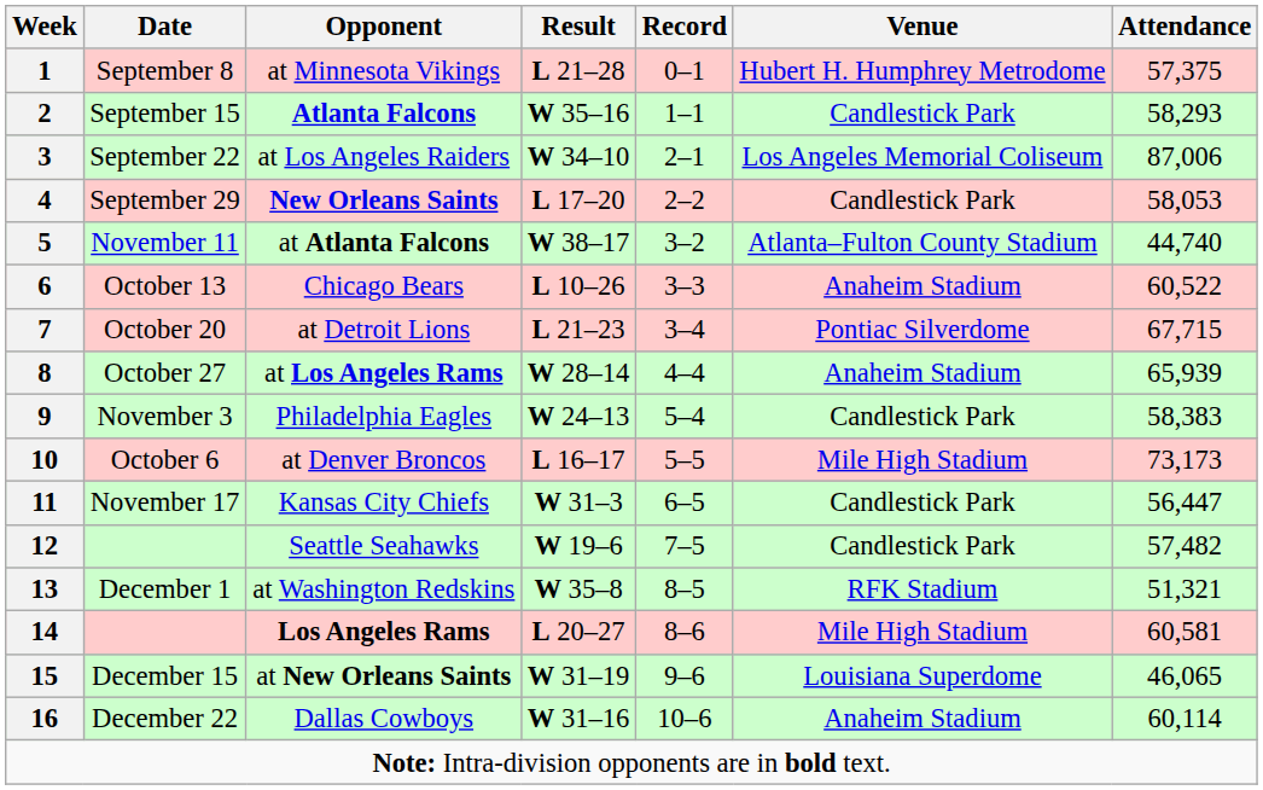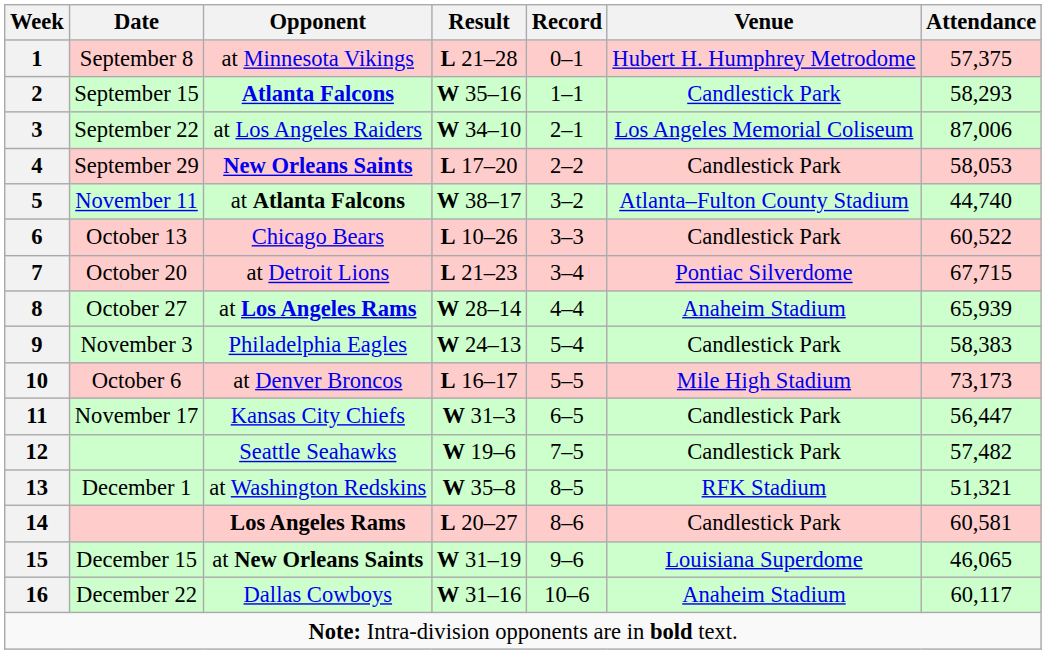 <table class="wikitable" style="text-align:center">
 <tr>
 <th>Week</th>
 <th>Date</th>
 <th>Opponent</th>
 <th>Result</th>
 <th>Record</th>
 <th>Venue</th>
 <th>Attendance</th>
 </tr>
 <tr style="background:#fcc">
 <th>1</th>
 <td>September 8</td>
 <td>at <a href='#'>Minnesota Vikings</a></td>
 <td><strong>L</strong> 21–28</td>
 <td>0–1</td>
 <td><a href='#'>Hubert H. Humphrey Metrodome</a></td>
 <td>57,375</td>
 </tr>
 <tr style="background:#cfc">
 <th>2</th>
 <td>September 15</td>
 <td><strong><a href='#'>Atlanta Falcons</a></strong></td>
 <td><strong>W</strong> 35–16</td>
 <td>1–1</td>
 <td><a href='#'>Candlestick Park</a></td>
 <td>58,293</td>
 </tr>
 <tr style="background:#cfc">
 <th>3</th>
 <td>September 22</td>
 <td>at <a href='#'>Los Angeles Raiders</a></td>
 <td><strong>W</strong> 34–10</td>
 <td>2–1</td>
 <td><a href='#'>Los Angeles Memorial Coliseum</a></td>
 <td>87,006</td>
 </tr>
 <tr style="background:#fcc">
 <th>4</th>
 <td>September 29</td>
 <td><strong><a href='#'>New Orleans Saints</a></strong></td>
 <td><strong>L</strong> 17–20</td>
 <td>2–2</td>
 <td>Candlestick Park</td>
 <td>58,053</td>
 </tr>
 <tr style="background:#cfc">
 <th>5</th>
 <td><a href='#'>November 11</a></td>
 <td>at <strong>Atlanta Falcons</strong></td>
 <td><strong>W</strong> 38–17</td>
 <td>3–2</td>
 <td><a href='#'>Atlanta–Fulton County Stadium</a></td>
 <td>44,740</td>
 </tr>
 <tr style="background:#fcc">
 <th>6</th>
 <td>October 13</td>
 <td><a href='#'>Chicago Bears</a></td>
 <td><strong>L</strong> 10–26</td>
 <td>3–3</td>
-<td><a href='#'>Anaheim Stadium</a></td>
+<td>Candlestick Park</td>
 <td>60,522</td>
 </tr>
 <tr style="background:#fcc">
 <th>7</th>
 <td>October 20</td>
 <td>at <a href='#'>Detroit Lions</a></td>
 <td><strong>L</strong> 21–23</td>
 <td>3–4</td>
 <td><a href='#'>Pontiac Silverdome</a></td>
 <td>67,715</td>
 </tr>
 <tr style="background:#cfc">
 <th>8</th>
 <td>October 27</td>
 <td>at <strong><a href='#'>Los Angeles Rams</a></strong></td>
 <td><strong>W</strong> 28–14</td>
 <td>4–4</td>
 <td><a href='#'>Anaheim Stadium</a></td>
 <td>65,939</td>
 </tr>
 <tr style="background:#cfc">
 <th>9</th>
 <td>November 3</td>
 <td><a href='#'>Philadelphia Eagles</a></td>
 <td><strong>W</strong> 24–13</td>
 <td>5–4</td>
 <td>Candlestick Park</td>
 <td>58,383</td>
 </tr>
 <tr style="background:#fcc">
 <th>10</th>
 <td>October 6</td>
 <td>at <a href='#'>Denver Broncos</a></td>
 <td><strong>L</strong> 16–17</td>
 <td>5–5</td>
 <td><a href='#'>Mile High Stadium</a></td>
 <td>73,173</td>
 </tr>
 <tr style="background:#cfc">
 <th>11</th>
 <td>November 17</td>
 <td><a href='#'>Kansas City Chiefs</a></td>
 <td><strong>W</strong> 31–3</td>
 <td>6–5</td>
 <td>Candlestick Park</td>
 <td>56,447</td>
 </tr>
 <tr style="background:#cfc">
 <th>12</th>
 <td></td>
 <td><a href='#'>Seattle Seahawks</a></td>
 <td><strong>W</strong> 19–6</td>
 <td>7–5</td>
 <td>Candlestick Park</td>
 <td>57,482</td>
 </tr>
 <tr style="background:#cfc">
 <th>13</th>
 <td>December 1</td>
 <td>at <a href='#'>Washington Redskins</a></td>
 <td><strong>W</strong> 35–8</td>
 <td>8–5</td>
 <td><a href='#'>RFK Stadium</a></td>
 <td>51,321</td>
 </tr>
 <tr style="background:#fcc">
 <th>14</th>
 <td></td>
 <td><strong>Los Angeles Rams</strong></td>
 <td><strong>L</strong> 20–27</td>
 <td>8–6</td>
-<td><a href='#'>Mile High Stadium</a></td>
+<td>Candlestick Park</td>
 <td>60,581</td>
 </tr>
 <tr style="background:#cfc">
 <th>15</th>
 <td>December 15</td>
 <td>at <strong>New Orleans Saints</strong></td>
 <td><strong>W</strong> 31–19</td>
 <td>9–6</td>
 <td><a href='#'>Louisiana Superdome</a></td>
 <td>46,065</td>
 </tr>
 <tr style="background:#cfc">
 <th>16</th>
 <td>December 22</td>
 <td><a href='#'>Dallas Cowboys</a></td>
 <td><strong>W</strong> 31–16</td>
 <td>10–6</td>
 <td><a href='#'>Anaheim Stadium</a></td>
-<td>60,114</td>
+<td>60,117</td>
 </tr>
 <tr>
 <td colspan="8"><strong>Note:</strong> Intra-division opponents are in <strong>bold</strong> text.</td>
 </tr>
 </table>
